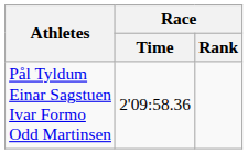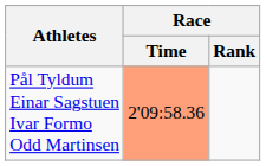 <table class="wikitable" border="1" style="font-size:90%">
 <tr>
 <th rowspan=2>Athletes</th>
 <th colspan=2>Race</th>
 </tr>
 <tr>
 <th>Time</th>
 <th>Rank</th>
 </tr>
 <tr>
 <td><a href='#'>Pål Tyldum</a><br><a href='#'>Einar Sagstuen</a><br><a href='#'>Ivar Formo</a><br><a href='#'>Odd Martinsen</a></td>
-<td align=center>2'09:58.36</td>
+<td align=center style="background: lightsalmon;">2'09:58.36</td>
 <td align=center></td>
 </tr>
 </table>
